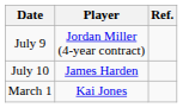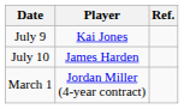 <table class="wikitable sortable sortable" style="text-align: center">
 <tr>
 <th scope="col">Date</th>
 <th scope="col">Player</th>
 <th scope="col">Ref.</th>
 </tr>
 <tr>
 <td>July 9</td>
-<td><a href='#'>Jordan Miller</a><br>(4-year contract)</td>
+<td><a href='#'>Kai Jones</a></td>
 <td></td>
 </tr>
 <tr>
 <td>July 10</td>
 <td><a href='#'>James Harden</a></td>
 <td></td>
 </tr>
 <tr>
 <td>March 1</td>
-<td><a href='#'>Kai Jones</a></td>
+<td><a href='#'>Jordan Miller</a><br>(4-year contract)</td>
 <td></td>
 </tr>
 </table>
